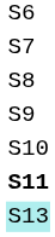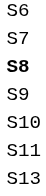 <table>
 <tr>
 <td>S6</td>
 <td></td>
 <td></td>
 <td></td>
 </tr>
 <tr>
 <td>S7</td>
 <td></td>
 <td></td>
 <td></td>
 </tr>
 <tr>
-<td>S8</td>
+<td><strong>S8</strong></td>
 <td></td>
 <td></td>
 <td></td>
 </tr>
 <tr>
 <td>S9</td>
 <td></td>
 <td></td>
 <td></td>
 </tr>
 <tr>
 <td>S10</td>
 <td></td>
 <td></td>
 <td></td>
 </tr>
 <tr>
-<td><strong>S11</strong></td>
+<td>S11</td>
 <td></td>
 <td></td>
 <td></td>
 </tr>
 <tr>
-<td style="background: paleturquoise;">S13</td>
+<td>S13</td>
 <td></td>
 <td></td>
 <td></td>
 </tr>
 </table>
